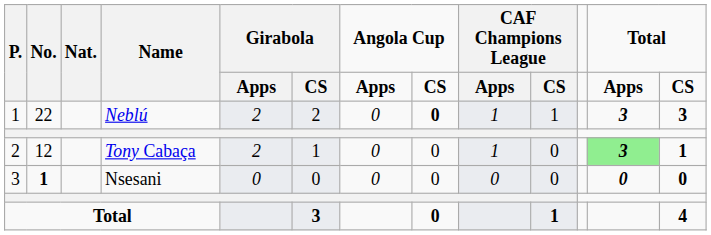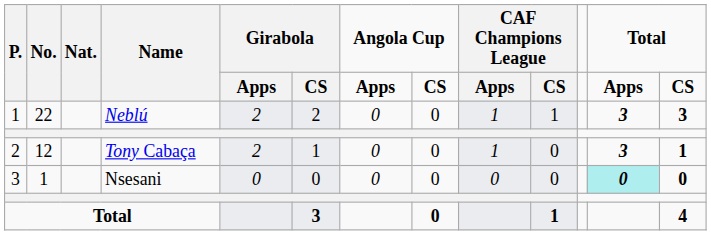 <table class="wikitable sortable" style="text-align:center">
 <tr>
 <th style="text-align:center;" rowspan="2">P.</th>
 <th style="text-align:center;" rowspan="2">No.</th>
 <th style="text-align:center;" rowspan="2">Nat.</th>
 <th style="text-align:center; width:100px;" rowspan="2">Name</th>
 <th style="text-align:center; width:100px;" colspan="2">Girabola</th>
 <td style="text-align:center; width:100px;" colspan="2"><strong>Angola Cup</strong></td>
 <th style="text-align:center; width:100px;" colspan="2">CAF Champions League</th>
 <td style="text-align:center; width:1px;"></td>
 <td style="text-align:center; width:100px;" colspan="2"><strong>Total</strong></td>
 </tr>
 <tr>
 <th style="text-align:center;">Apps</th>
 <th style="text-align:center;">CS</th>
 <td style="text-align:center;"><strong>Apps</strong></td>
 <td style="text-align:center;"><strong>CS</strong></td>
 <th style="text-align:center;">Apps</th>
 <th style="text-align:center;">CS</th>
 <td style="text-align:center;"></td>
 <td style="text-align:center;"><strong>Apps</strong></td>
 <td style="text-align:center;"><strong>CS</strong></td>
 </tr>
 <tr>
 <td>1</td>
 <td>22</td>
 <td></td>
 <td align=left><em><a href='#'>Neblú</a></em></td>
 <td style="background:#eaecf0;"><em>2</em></td>
 <td style="background:#eaecf0;">2</td>
 <td><em>0</em></td>
-<td><strong>0</strong></td>
+<td>0</td>
 <td style="background:#eaecf0;"><em>1</em></td>
 <td style="background:#eaecf0;">1</td>
 <td></td>
 <td><strong><em>3</em></strong></td>
 <td><strong>3</strong></td>
 </tr>
 <tr>
 <th colspan=10></th>
 </tr>
 <tr>
 <td>2</td>
 <td>12</td>
 <td></td>
 <td align=left><a href='#'><em>Tony</em> Cabaça</a></td>
 <td style="background:#eaecf0;"><em>2</em></td>
 <td style="background:#eaecf0;">1</td>
 <td><em>0</em></td>
 <td>0</td>
 <td style="background:#eaecf0;"><em>1</em></td>
 <td style="background:#eaecf0;">0</td>
 <td></td>
-<td style="background: lightgreen;"><strong><em>3</em></strong></td>
+<td><strong><em>3</em></strong></td>
 <td><strong>1</strong></td>
 </tr>
 <tr>
 <td>3</td>
-<td><strong>1</strong></td>
+<td>1</td>
 <td></td>
 <td align=left>Nsesani</td>
 <td style="background:#eaecf0;"><em>0</em></td>
 <td style="background:#eaecf0;">0</td>
 <td><em>0</em></td>
 <td>0</td>
 <td style="background:#eaecf0;"><em>0</em></td>
 <td style="background:#eaecf0;">0</td>
 <td></td>
-<td><strong><em>0</em></strong></td>
+<td style="background: paleturquoise;"><strong><em>0</em></strong></td>
 <td><strong>0</strong></td>
 </tr>
 <tr>
 <th colspan=10></th>
 </tr>
 <tr>
 <td colspan=4><strong>Total</strong></td>
 <td style="background:#eaecf0;"></td>
 <td style="background:#eaecf0;"><strong>3</strong></td>
 <td></td>
 <td><strong>0</strong></td>
 <td style="background:#eaecf0;"></td>
 <td style="background:#eaecf0;"><strong>1</strong></td>
 <td></td>
 <td></td>
 <td><strong>4</strong></td>
 </tr>
 </table>
